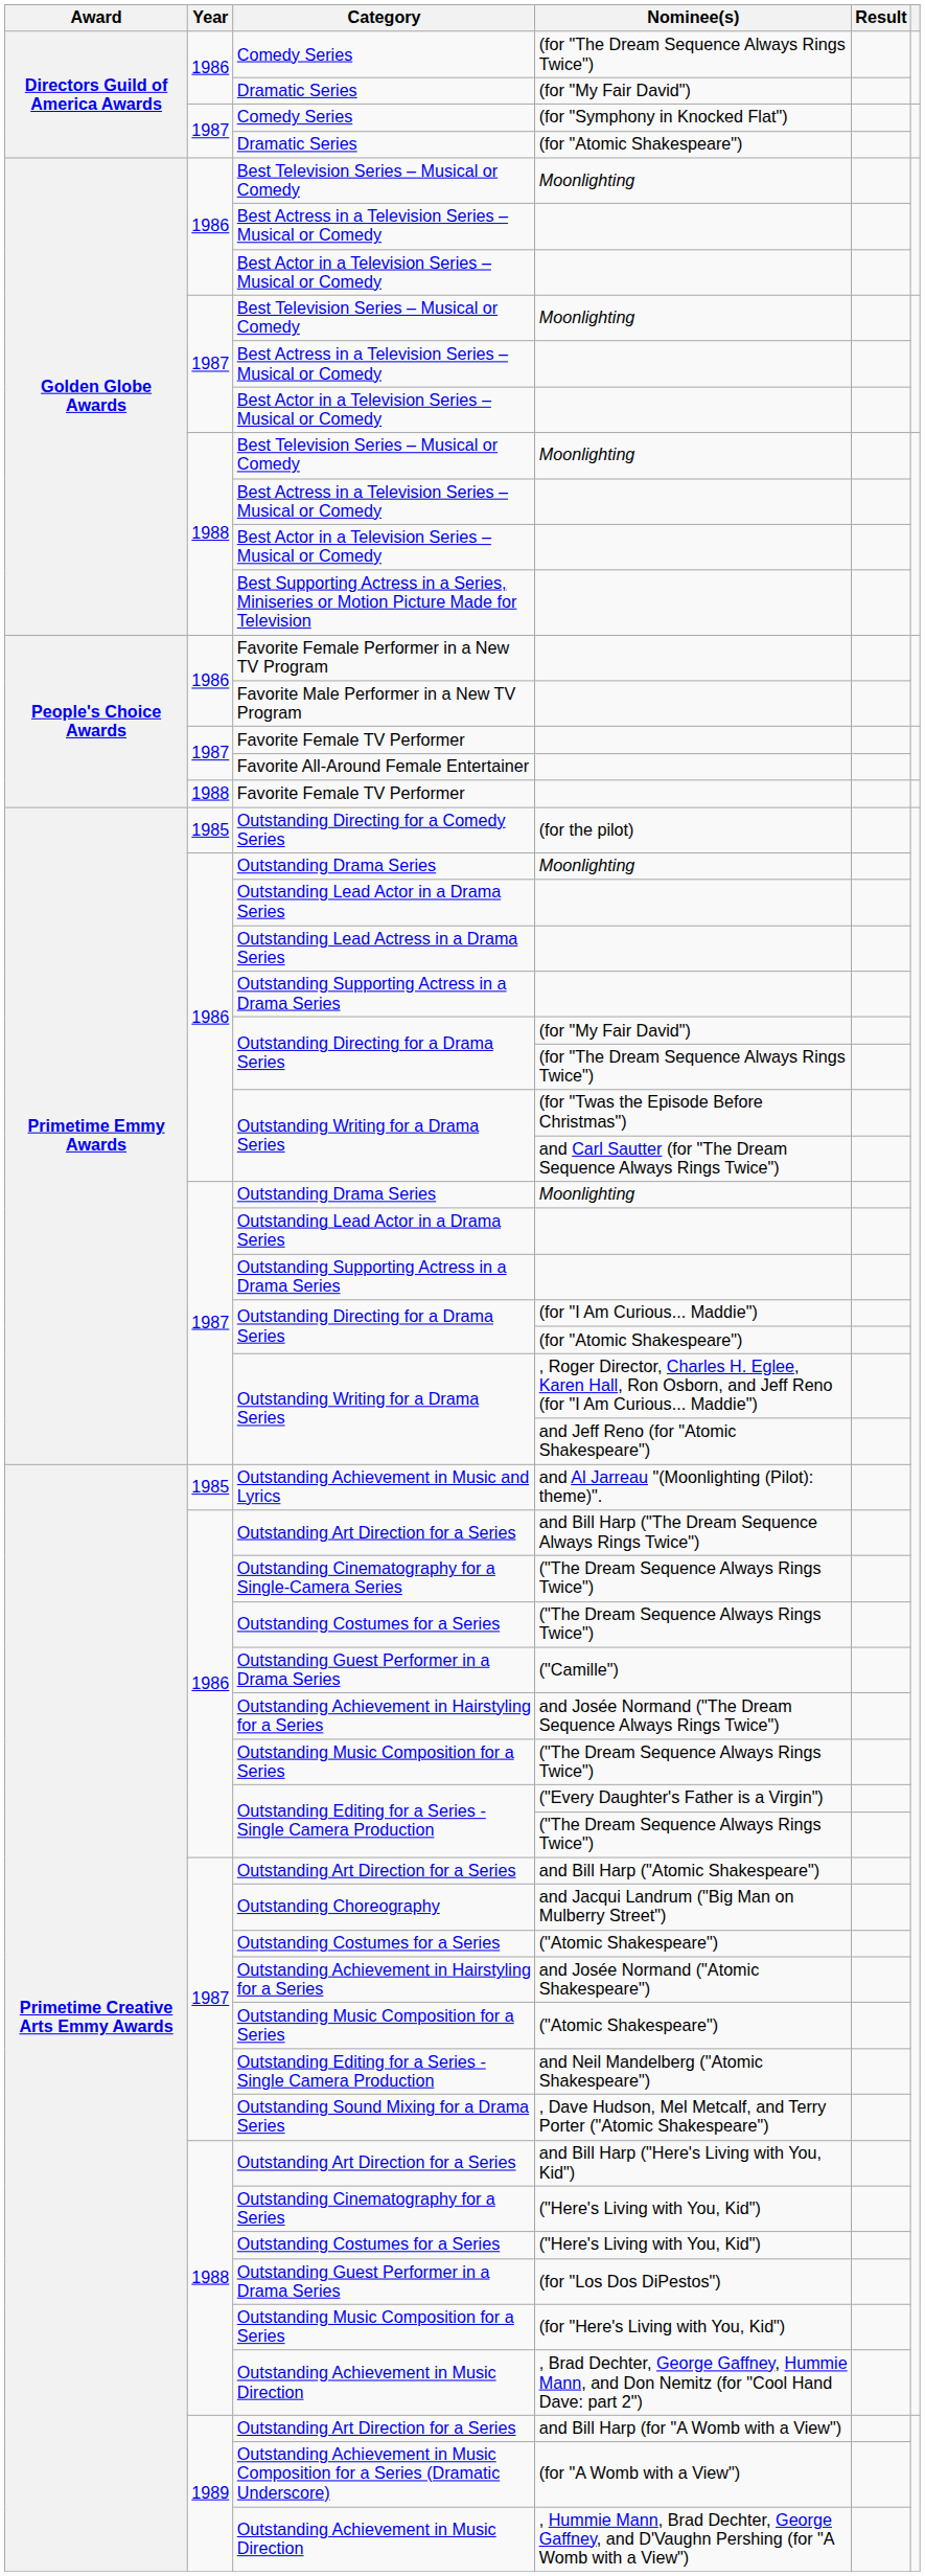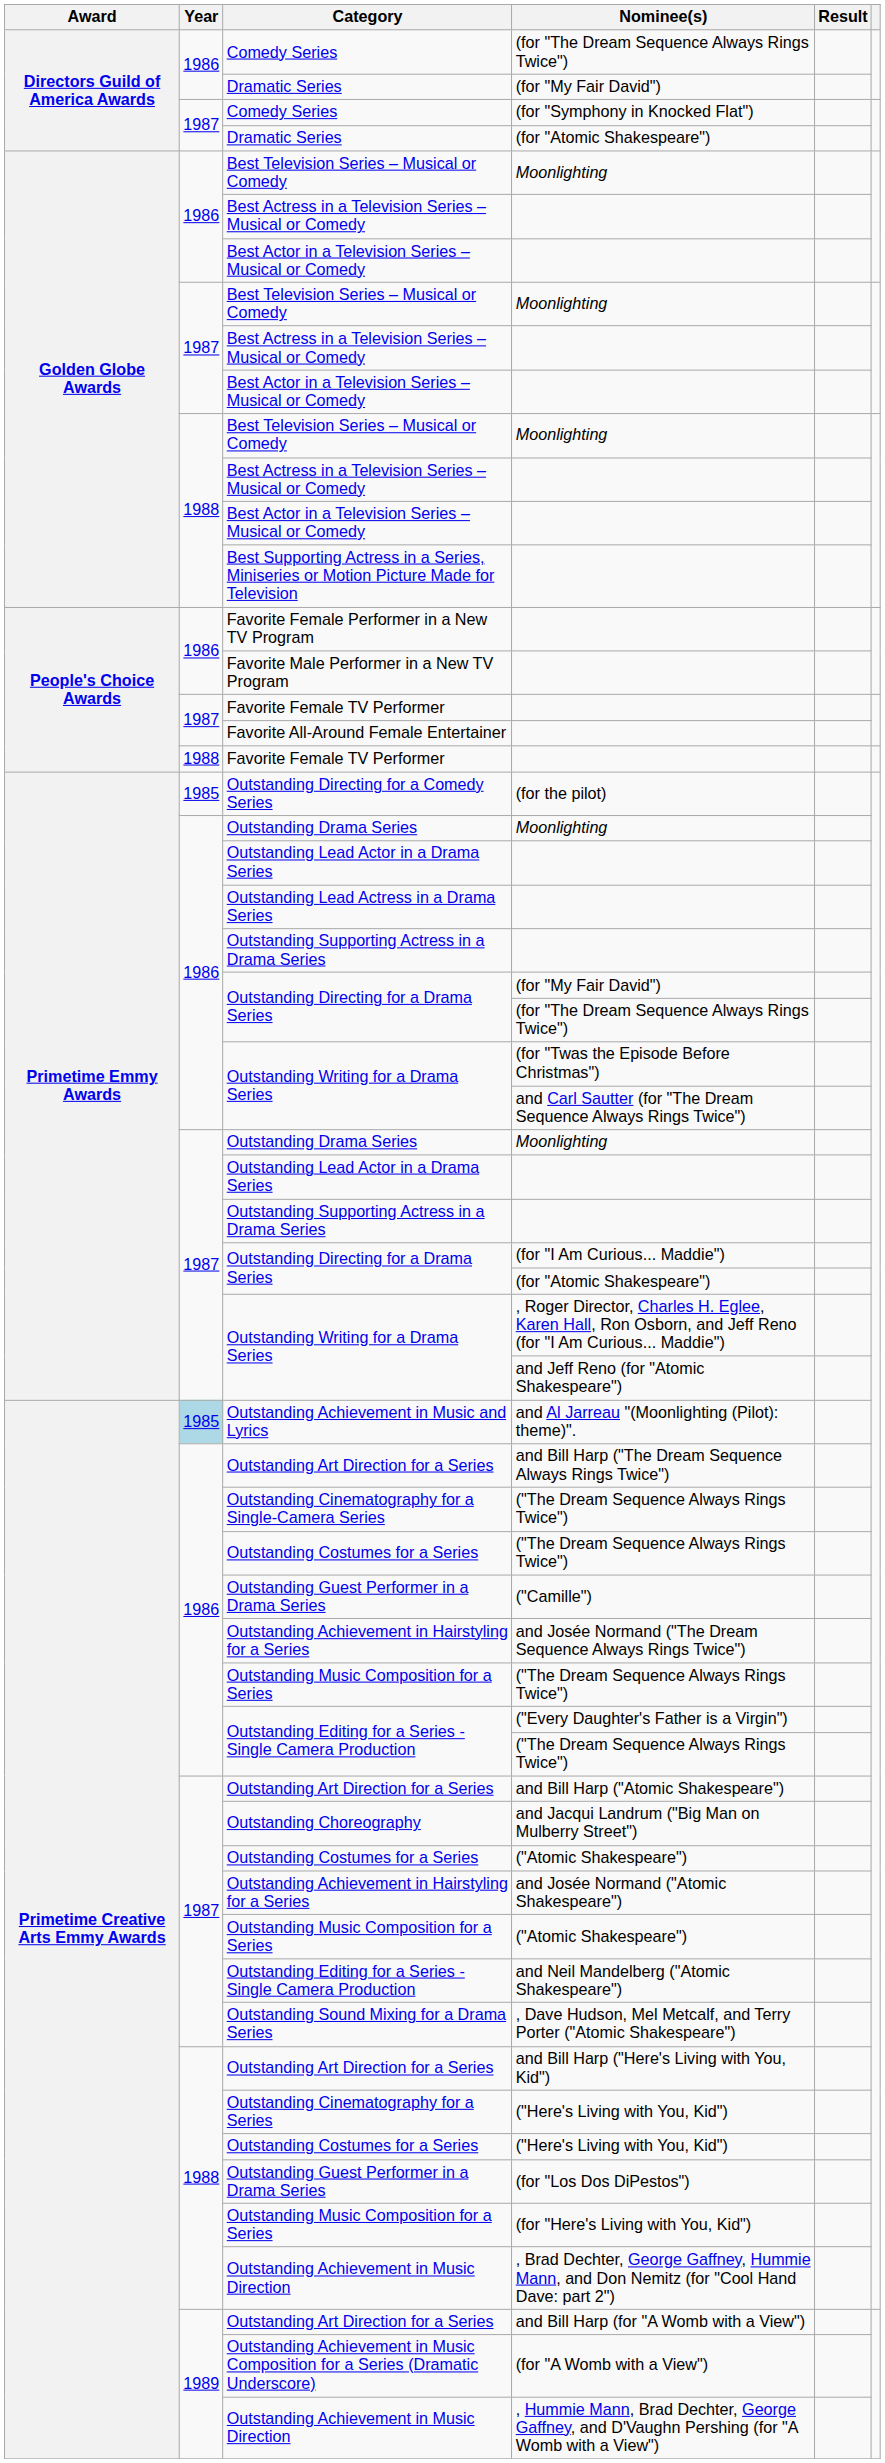 <table class="wikitable sortable plainrowheaders" summary="">
 <tr>
 <th scope="col" style="width:20%;">Award</th>
 <th scope="col" style="width:3%;">Year</th>
 <th scope="col" style="width:33%;">Category</th>
 <th>Nominee(s)</th>
 <th scope="col" style="width:6%;">Result</th>
 <th scope="col" class="unsortable" style="width:1%;"></th>
 </tr>
 <tr>
 <th scope="rowgroup" rowspan="4"><a href='#'>Directors Guild of America Awards</a></th>
 <td rowspan="2" style="text-align: center;"><a href='#'>1986</a></td>
 <td><a href='#'>Comedy Series</a></td>
 <td> (for "The Dream Sequence Always Rings Twice")</td>
 <td></td>
 <td rowspan="2" style="text-align: center;"></td>
 </tr>
 <tr>
 <td><a href='#'>Dramatic Series</a></td>
 <td> (for "My Fair David")</td>
 <td></td>
 </tr>
 <tr>
 <td rowspan="2" style="text-align: center;"><a href='#'>1987</a></td>
 <td><a href='#'>Comedy Series</a></td>
 <td> (for "Symphony in Knocked Flat")</td>
 <td></td>
 <td rowspan="2" style="text-align: center;"></td>
 </tr>
 <tr>
 <td><a href='#'>Dramatic Series</a></td>
 <td> (for "Atomic Shakespeare")</td>
 <td></td>
 </tr>
 <tr>
 <th scope="rowgroup" rowspan="10"><a href='#'>Golden Globe Awards</a></th>
 <td rowspan="3" style="text-align: center;"><a href='#'>1986</a></td>
 <td><a href='#'>Best Television Series – Musical or Comedy</a></td>
 <td><em>Moonlighting</em></td>
 <td></td>
 <td rowspan="3" style="text-align: center;"></td>
 </tr>
 <tr>
 <td><a href='#'>Best Actress in a Television Series – Musical or Comedy</a></td>
 <td></td>
 <td></td>
 </tr>
 <tr>
 <td><a href='#'>Best Actor in a Television Series – Musical or Comedy</a></td>
 <td></td>
 <td></td>
 </tr>
 <tr>
 <td rowspan="3" style="text-align: center;"><a href='#'>1987</a></td>
 <td><a href='#'>Best Television Series – Musical or Comedy</a></td>
 <td><em>Moonlighting</em></td>
 <td></td>
 <td rowspan="3" style="text-align: center;"></td>
 </tr>
 <tr>
 <td><a href='#'>Best Actress in a Television Series – Musical or Comedy</a></td>
 <td></td>
 <td></td>
 </tr>
 <tr>
 <td><a href='#'>Best Actor in a Television Series – Musical or Comedy</a></td>
 <td></td>
 <td></td>
 </tr>
 <tr>
 <td rowspan="4" style="text-align: center;"><a href='#'>1988</a></td>
 <td><a href='#'>Best Television Series – Musical or Comedy</a></td>
 <td><em>Moonlighting</em></td>
 <td></td>
 <td rowspan="4" style="text-align: center;"></td>
 </tr>
 <tr>
 <td><a href='#'>Best Actress in a Television Series – Musical or Comedy</a></td>
 <td></td>
 <td></td>
 </tr>
 <tr>
 <td><a href='#'>Best Actor in a Television Series – Musical or Comedy</a></td>
 <td></td>
 <td></td>
 </tr>
 <tr>
 <td><a href='#'>Best Supporting Actress in a Series, Miniseries or Motion Picture Made for Television</a></td>
 <td></td>
 <td></td>
 </tr>
 <tr>
 <th scope="rowgroup" rowspan="5"><a href='#'>People's Choice Awards</a></th>
 <td rowspan="2" style="text-align: center;"><a href='#'>1986</a></td>
 <td>Favorite Female Performer in a New TV Program</td>
 <td></td>
 <td></td>
 <td rowspan="2" style="text-align: center;"></td>
 </tr>
 <tr>
 <td>Favorite Male Performer in a New TV Program</td>
 <td></td>
 <td></td>
 </tr>
 <tr>
 <td rowspan="2" style="text-align: center;"><a href='#'>1987</a></td>
 <td>Favorite Female TV Performer</td>
 <td></td>
 <td></td>
 <td rowspan="2" style="text-align: center;"></td>
 </tr>
 <tr>
 <td>Favorite All-Around Female Entertainer</td>
 <td></td>
 <td></td>
 </tr>
 <tr>
 <td style="text-align: center;"><a href='#'>1988</a></td>
 <td>Favorite Female TV Performer</td>
 <td></td>
 <td></td>
 <td style="text-align: center;"></td>
 </tr>
 <tr>
 <th scope="rowgroup" rowspan="16"><a href='#'>Primetime Emmy Awards</a></th>
 <td style="text-align: center;"><a href='#'>1985</a></td>
 <td><a href='#'>Outstanding Directing for a Comedy Series</a></td>
 <td> (for the pilot)</td>
 <td></td>
 <td rowspan="38" style="text-align: center;"></td>
 </tr>
 <tr>
 <td rowspan="8" style="text-align: center;"><a href='#'>1986</a></td>
 <td><a href='#'>Outstanding Drama Series</a></td>
 <td><em>Moonlighting</em></td>
 <td></td>
 </tr>
 <tr>
 <td><a href='#'>Outstanding Lead Actor in a Drama Series</a></td>
 <td></td>
 <td></td>
 </tr>
 <tr>
 <td><a href='#'>Outstanding Lead Actress in a Drama Series</a></td>
 <td></td>
 <td></td>
 </tr>
 <tr>
 <td><a href='#'>Outstanding Supporting Actress in a Drama Series</a></td>
 <td></td>
 <td></td>
 </tr>
 <tr>
 <td rowspan="2"><a href='#'>Outstanding Directing for a Drama Series</a></td>
 <td> (for "My Fair David")</td>
 <td></td>
 </tr>
 <tr>
 <td> (for "The Dream Sequence Always Rings Twice")</td>
 <td></td>
 </tr>
 <tr>
 <td rowspan="2"><a href='#'>Outstanding Writing for a Drama Series</a></td>
 <td> (for "Twas the Episode Before Christmas")</td>
 <td></td>
 </tr>
 <tr>
 <td> and <a href='#'>Carl Sautter</a> (for "The Dream Sequence Always Rings Twice")</td>
 <td></td>
 </tr>
 <tr>
 <td rowspan="7" style="text-align: center;"><a href='#'>1987</a></td>
 <td><a href='#'>Outstanding Drama Series</a></td>
 <td><em>Moonlighting</em></td>
 <td></td>
 </tr>
 <tr>
 <td><a href='#'>Outstanding Lead Actor in a Drama Series</a></td>
 <td></td>
 <td></td>
 </tr>
 <tr>
 <td><a href='#'>Outstanding Supporting Actress in a Drama Series</a></td>
 <td></td>
 <td></td>
 </tr>
 <tr>
 <td rowspan="2"><a href='#'>Outstanding Directing for a Drama Series</a></td>
 <td> (for "I Am Curious... Maddie")</td>
 <td></td>
 </tr>
 <tr>
 <td> (for "Atomic Shakespeare")</td>
 <td></td>
 </tr>
 <tr>
 <td rowspan="2"><a href='#'>Outstanding Writing for a Drama Series</a></td>
 <td>, Roger Director, <a href='#'>Charles H. Eglee</a>, <a href='#'>Karen Hall</a>, Ron Osborn, and Jeff Reno (for "I Am Curious... Maddie")</td>
 <td></td>
 </tr>
 <tr>
 <td> and Jeff Reno (for "Atomic Shakespeare")</td>
 <td></td>
 </tr>
 <tr>
 <th scope="rowgroup" rowspan="25"><a href='#'>Primetime Creative Arts Emmy Awards</a></th>
-<td style="text-align: center;"><a href='#'>1985</a></td>
+<td style="background: lightblue; text-align: center;"><a href='#'>1985</a></td>
 <td><a href='#'>Outstanding Achievement in Music and Lyrics</a></td>
 <td> and <a href='#'>Al Jarreau</a> "(Moonlighting (Pilot): theme)".</td>
 <td></td>
 </tr>
 <tr>
 <td rowspan="8" style="text-align: center;"><a href='#'>1986</a></td>
 <td><a href='#'>Outstanding Art Direction for a Series</a></td>
 <td> and Bill Harp ("The Dream Sequence Always Rings Twice")</td>
 <td></td>
 </tr>
 <tr>
 <td><a href='#'>Outstanding Cinematography for a Single-Camera Series</a></td>
 <td> ("The Dream Sequence Always Rings Twice")</td>
 <td></td>
 </tr>
 <tr>
 <td><a href='#'>Outstanding Costumes for a Series</a></td>
 <td> ("The Dream Sequence Always Rings Twice")</td>
 <td></td>
 </tr>
 <tr>
 <td><a href='#'>Outstanding Guest Performer in a Drama Series</a></td>
 <td> ("Camille")</td>
 <td></td>
 </tr>
 <tr>
 <td><a href='#'>Outstanding Achievement in Hairstyling for a Series</a></td>
 <td> and Josée Normand ("The Dream Sequence Always Rings Twice")</td>
 <td></td>
 </tr>
 <tr>
 <td><a href='#'>Outstanding Music Composition for a Series</a></td>
 <td> ("The Dream Sequence Always Rings Twice")</td>
 <td></td>
 </tr>
 <tr>
 <td rowspan="2"><a href='#'>Outstanding Editing for a Series - Single Camera Production</a></td>
 <td> ("Every Daughter's Father is a Virgin")</td>
 <td></td>
 </tr>
 <tr>
 <td> ("The Dream Sequence Always Rings Twice")</td>
 <td></td>
 </tr>
 <tr>
 <td rowspan="7" style="text-align: center;"><a href='#'>1987</a></td>
 <td><a href='#'>Outstanding Art Direction for a Series</a></td>
 <td> and Bill Harp ("Atomic Shakespeare")</td>
 <td></td>
 </tr>
 <tr>
 <td><a href='#'>Outstanding Choreography</a></td>
 <td> and Jacqui Landrum ("Big Man on Mulberry Street")</td>
 <td></td>
 </tr>
 <tr>
 <td><a href='#'>Outstanding Costumes for a Series</a></td>
 <td> ("Atomic Shakespeare")</td>
 <td></td>
 </tr>
 <tr>
 <td><a href='#'>Outstanding Achievement in Hairstyling for a Series</a></td>
 <td> and Josée Normand ("Atomic Shakespeare")</td>
 <td></td>
 </tr>
 <tr>
 <td><a href='#'>Outstanding Music Composition for a Series</a></td>
 <td> ("Atomic Shakespeare")</td>
 <td></td>
 </tr>
 <tr>
 <td><a href='#'>Outstanding Editing for a Series - Single Camera Production</a></td>
 <td> and Neil Mandelberg ("Atomic Shakespeare")</td>
 <td></td>
 </tr>
 <tr>
 <td><a href='#'>Outstanding Sound Mixing for a Drama Series</a></td>
 <td>, Dave Hudson, Mel Metcalf, and Terry Porter ("Atomic Shakespeare")</td>
 <td></td>
 </tr>
 <tr>
 <td rowspan="6" style="text-align: center;"><a href='#'>1988</a></td>
 <td><a href='#'>Outstanding Art Direction for a Series</a></td>
 <td> and Bill Harp ("Here's Living with You, Kid")</td>
 <td></td>
 </tr>
 <tr>
 <td><a href='#'>Outstanding Cinematography for a Series</a></td>
 <td> ("Here's Living with You, Kid")</td>
 <td></td>
 </tr>
 <tr>
 <td><a href='#'>Outstanding Costumes for a Series</a></td>
 <td> ("Here's Living with You, Kid")</td>
 <td></td>
 </tr>
 <tr>
 <td><a href='#'>Outstanding Guest Performer in a Drama Series</a></td>
 <td> (for "Los Dos DiPestos")</td>
 <td></td>
 </tr>
 <tr>
 <td><a href='#'>Outstanding Music Composition for a Series</a></td>
 <td> (for "Here's Living with You, Kid")</td>
 <td></td>
 </tr>
 <tr>
 <td><a href='#'>Outstanding Achievement in Music Direction</a></td>
 <td>, Brad Dechter, <a href='#'>George Gaffney</a>, <a href='#'>Hummie Mann</a>, and Don Nemitz  (for "Cool Hand Dave: part 2")</td>
 <td></td>
 </tr>
 <tr>
 <td rowspan="3" style="text-align: center;"><a href='#'>1989</a></td>
 <td><a href='#'>Outstanding Art Direction for a Series</a></td>
 <td> and Bill Harp (for "A Womb with a View")</td>
 <td></td>
 <td rowspan="3" style="text-align: center;"></td>
 </tr>
 <tr>
 <td><a href='#'>Outstanding Achievement in Music Composition for a Series (Dramatic Underscore)</a></td>
 <td> (for "A Womb with a View")</td>
 <td></td>
 </tr>
 <tr>
 <td><a href='#'>Outstanding Achievement in Music Direction</a></td>
 <td>, <a href='#'>Hummie Mann</a>, Brad Dechter, <a href='#'>George Gaffney</a>, and D'Vaughn Pershing (for "A Womb with a View")</td>
 <td></td>
 </tr>
 </table>
